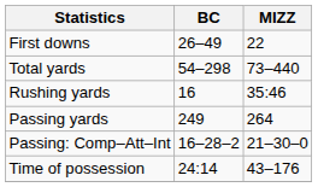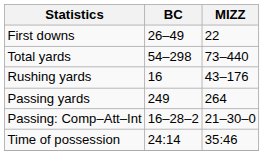 <table class="wikitable" style="float: left;">
 <tr>
 <th>Statistics</th>
 <th>BC</th>
 <th>MIZZ</th>
 </tr>
 <tr>
 <td>First downs</td>
 <td>26–49</td>
 <td>22</td>
 </tr>
 <tr>
 <td>Total yards</td>
 <td>54–298</td>
 <td>73–440</td>
 </tr>
 <tr>
 <td>Rushing yards</td>
 <td>16</td>
-<td>35:46</td>
+<td>43–176</td>
 </tr>
 <tr>
 <td>Passing yards</td>
 <td>249</td>
 <td>264</td>
 </tr>
 <tr>
 <td>Passing: Comp–Att–Int</td>
 <td>16–28–2</td>
 <td>21–30–0</td>
 </tr>
 <tr>
 <td>Time of possession</td>
 <td>24:14</td>
-<td>43–176</td>
+<td>35:46</td>
 </tr>
 <tr>
 </tr>
 </table>
